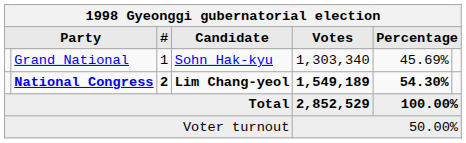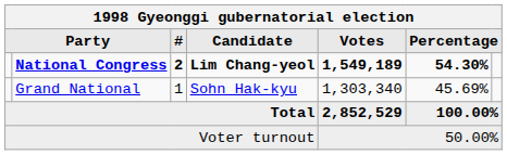 <table class="wikitable">
 <tr>
 <th colspan="7">1998 Gyeonggi gubernatorial election</th>
 </tr>
 <tr>
 <th style="background-color:#E9E9E9" colspan=2>Party</th>
 <th style="background-color:#E9E9E9">#</th>
 <th style="background-color:#E9E9E9">Candidate</th>
 <th style="background-color:#E9E9E9">Votes</th>
 <th style="background-color:#E9E9E9" colspan=2>Percentage</th>
 </tr>
+<tr style="font-weight:bold">
+<td></td>
+<td align=left><a href='#'>National Congress</a></td>
+<td align=center>2</td>
+<td align=left>Lim Chang-yeol</td>
+<td align=right>1,549,189</td>
+<td align=right>54.30%</td>
+<td align=right></td>
+</tr>
 <tr>
 <td></td>
 <td align=left><a href='#'>Grand National</a></td>
 <td align=center>1</td>
 <td align=left><a href='#'>Sohn Hak-kyu</a></td>
 <td align=right>1,303,340</td>
 <td align=right>45.69%</td>
-<td align=right></td>
-</tr>
-<tr style="font-weight:bold">
-<td></td>
-<td align=left><a href='#'>National Congress</a></td>
-<td align=center>2</td>
-<td align=left>Lim Chang-yeol</td>
-<td align=right>1,549,189</td>
-<td align=right>54.30%</td>
 <td align=right></td>
 </tr>
 <tr bgcolor="#EEEEEE" style="font-weight:bold">
 <td colspan="4" align=right>Total</td>
 <td align=right>2,852,529</td>
 <td align=right colspan=2>100.00%</td>
 </tr>
 <tr bgcolor="#EEEEEE">
 <td colspan="4" align="right">Voter turnout</td>
 <td colspan="3" align="right">50.00%</td>
 </tr>
 </table>
